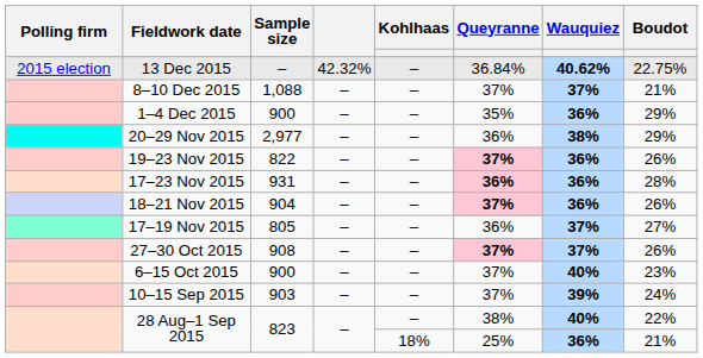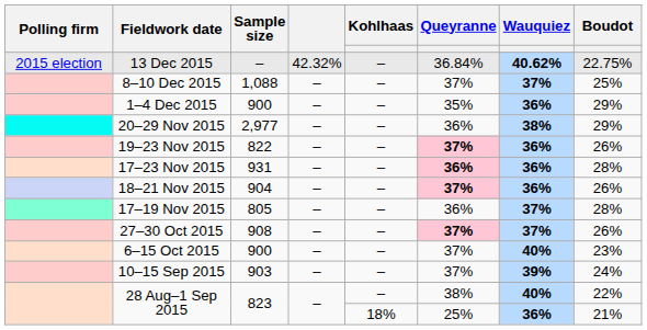 <table class="wikitable sortable" style="text-align:center;font-size:90%;line-height:14px;">
 <tr style="height:40px;">
 <th style="width:100px;" rowspan="2">Polling firm</th>
 <th style="width:110px;" rowspan="2">Fieldwork date</th>
 <th style="width:35px;" rowspan="2">Sample<br>size</th>
 <th style="width:30px;" rowspan="2"></th>
 <th class="unsortable" style="width:60px;">Kohlhaas<br></th>
 <th class="unsortable" style="width:60px;"><a href='#'>Queyranne</a><br></th>
 <th class="unsortable" style="width:60px;"><a href='#'>Wauquiez</a><br></th>
 <th class="unsortable" style="width:60px;">Boudot<br></th>
 </tr>
 <tr>
 <th style="background:"></th>
 <th style="background:"></th>
 <th style="background:"></th>
 <th style="background:"></th>
 </tr>
 <tr style="background:#E9E9E9;">
 <td><a href='#'>2015 election</a></td>
 <td data-sort-value="2015-12-13">13 Dec 2015</td>
 <td>–</td>
 <td>42.32%</td>
 <td>–</td>
 <td>36.84%</td>
 <td style="background:#B9DAFF;"><strong>40.62%</strong></td>
 <td>22.75%</td>
 </tr>
 <tr>
 <td style="background:#FFCCCC;"></td>
 <td data-sort-value="2015-12-10">8–10 Dec 2015</td>
 <td>1,088</td>
 <td>–</td>
 <td>–</td>
 <td>37%</td>
 <td style="background:#B9DAFF;"><strong>37%</strong></td>
-<td>21%</td>
+<td>25%</td>
 </tr>
 <tr>
 <td style="background:#FFCCCC;"></td>
 <td data-sort-value="2015-12-04">1–4 Dec 2015</td>
 <td>900</td>
 <td>–</td>
 <td>–</td>
 <td>35%</td>
 <td style="background:#B9DAFF;"><strong>36%</strong></td>
 <td>29%</td>
 </tr>
 <tr>
 <td style="background:#04FBF4;"></td>
 <td data-sort-value="2015-11-29">20–29 Nov 2015</td>
 <td>2,977</td>
 <td>–</td>
 <td>–</td>
 <td>36%</td>
 <td style="background:#B9DAFF;"><strong>38%</strong></td>
 <td>29%</td>
 </tr>
 <tr>
 <td style="background:#FFCCCC;"></td>
 <td data-sort-value="2015-11-23">19–23 Nov 2015</td>
 <td>822</td>
 <td>–</td>
 <td>–</td>
 <td style="background:#FFC6D5;"><strong>37%</strong></td>
 <td style="background:#B9DAFF;"><strong>36%</strong></td>
 <td>26%</td>
 </tr>
 <tr>
 <td style="background:#FFDFCC;"></td>
 <td data-sort-value="2015-11-23">17–23 Nov 2015</td>
 <td>931</td>
 <td>–</td>
 <td>–</td>
 <td style="background:#FFC6D5;"><strong>36%</strong></td>
 <td style="background:#B9DAFF;"><strong>36%</strong></td>
 <td>28%</td>
 </tr>
 <tr>
 <td style="background:#CAD5F7;"></td>
 <td data-sort-value="2015-11-21">18–21 Nov 2015</td>
 <td>904</td>
 <td>–</td>
 <td>–</td>
 <td style="background:#FFC6D5;"><strong>37%</strong></td>
 <td style="background:#B9DAFF;"><strong>36%</strong></td>
 <td>26%</td>
 </tr>
 <tr>
 <td style="background:aquamarine;"></td>
 <td data-sort-value="2015-11-19">17–19 Nov 2015</td>
 <td>805</td>
 <td>–</td>
 <td>–</td>
 <td>36%</td>
 <td style="background:#B9DAFF;"><strong>37%</strong></td>
-<td>27%</td>
+<td>28%</td>
 </tr>
 <tr>
 <td style="background:#FFCCCC;"></td>
 <td data-sort-value="2015-10-30">27–30 Oct 2015</td>
 <td>908</td>
 <td>–</td>
 <td>–</td>
 <td style="background:#FFC6D5;"><strong>37%</strong></td>
 <td style="background:#B9DAFF;"><strong>37%</strong></td>
 <td>26%</td>
 </tr>
 <tr>
 <td style="background:#FFDFCC;"></td>
 <td data-sort-value="2015-10-15">6–15 Oct 2015</td>
 <td>900</td>
 <td>–</td>
 <td>–</td>
 <td>37%</td>
 <td style="background:#B9DAFF;"><strong>40%</strong></td>
 <td>23%</td>
 </tr>
 <tr>
 <td style="background:#FFCCCC;"></td>
 <td data-sort-value="2015-09-15">10–15 Sep 2015</td>
 <td>903</td>
 <td>–</td>
 <td>–</td>
 <td>37%</td>
 <td style="background:#B9DAFF;"><strong>39%</strong></td>
 <td>24%</td>
 </tr>
 <tr>
 <td rowspan="2" style="background:#FFDFCC;"></td>
 <td rowspan="2" data-sort-value="2015-09-01">28 Aug–1 Sep 2015</td>
 <td rowspan="2">823</td>
 <td rowspan="2">–</td>
 <td>–</td>
 <td>38%</td>
 <td style="background:#B9DAFF;"><strong>40%</strong></td>
 <td>22%</td>
 </tr>
 <tr>
 <td>18%</td>
 <td>25%</td>
 <td style="background:#B9DAFF;"><strong>36%</strong></td>
 <td>21%</td>
 </tr>
 </table>
